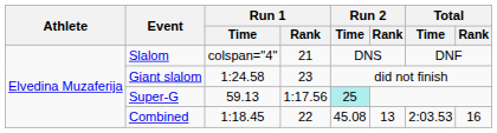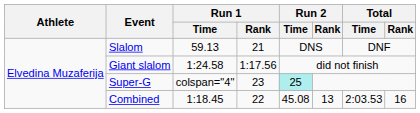 <table class="wikitable" style="font-size:90%">
 <tr>
 <th rowspan=2>Athlete</th>
 <th rowspan=2>Event</th>
 <th colspan=2>Run 1</th>
 <th colspan=2>Run 2</th>
 <th colspan=2>Total</th>
 </tr>
 <tr style="font-size:95%">
 <th>Time</th>
 <th>Rank</th>
 <th>Time</th>
 <th>Rank</th>
 <th>Time</th>
 <th>Rank</th>
 </tr>
 <tr align=center>
 <td align="left" rowspan="4"><a href='#'>Elvedina Muzaferija</a></td>
 <td align="left"><a href='#'>Slalom</a></td>
-<td>colspan="4" </td>
+<td>59.13</td>
 <td>21</td>
 <td colspan=2>DNS</td>
 <td colspan=2>DNF</td>
 </tr>
 <tr align=center>
 <td align="left"><a href='#'>Giant slalom</a></td>
 <td>1:24.58</td>
-<td>23</td>
+<td>1:17.56</td>
 <td colspan=4>did not finish</td>
 </tr>
 <tr align=center>
 <td align="left"><a href='#'>Super-G</a></td>
-<td>59.13</td>
-<td>1:17.56</td>
+<td>colspan="4" </td>
+<td>23</td>
 <td style="background: paleturquoise;">25</td>
 </tr>
 <tr align=center>
 <td align="left"><a href='#'>Combined</a></td>
 <td>1:18.45</td>
 <td>22</td>
 <td>45.08</td>
 <td>13</td>
 <td>2:03.53</td>
 <td>16</td>
 </tr>
 </table>
